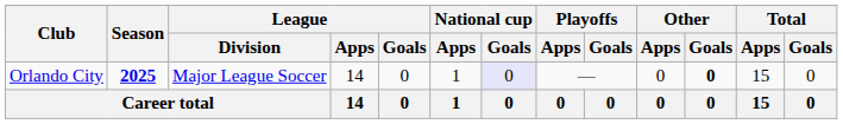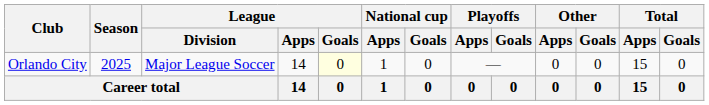 <table class="wikitable" style="text-align:center">
 <tr>
 <th rowspan="2">Club</th>
 <th rowspan="2">Season</th>
 <th colspan="3">League</th>
 <th colspan="2">National cup</th>
 <th colspan="2">Playoffs</th>
 <th colspan="2">Other</th>
 <th colspan="2">Total</th>
 </tr>
 <tr>
 <th>Division</th>
 <th>Apps</th>
 <th>Goals</th>
 <th>Apps</th>
 <th>Goals</th>
 <th>Apps</th>
 <th>Goals</th>
 <th>Apps</th>
 <th>Goals</th>
 <th>Apps</th>
 <th>Goals</th>
 </tr>
 <tr>
 <td><a href='#'>Orlando City</a></td>
-<td><strong><a href='#'>2025</a></strong></td>
+<td><a href='#'>2025</a></td>
 <td><a href='#'>Major League Soccer</a></td>
 <td>14</td>
+<td style="background: lightyellow;">0</td>
+<td>1</td>
 <td>0</td>
-<td>1</td>
-<td style="background: lavender;">0</td>
 <td colspan="2">—</td>
 <td>0</td>
-<td><strong>0</strong></td>
+<td>0</td>
 <td>15</td>
 <td>0</td>
 </tr>
 <tr>
 <th colspan="3">Career total</th>
 <th>14</th>
 <th>0</th>
 <th>1</th>
 <th>0</th>
 <th>0</th>
 <th>0</th>
 <th>0</th>
 <th>0</th>
 <th>15</th>
 <th>0</th>
 </tr>
 </table>
